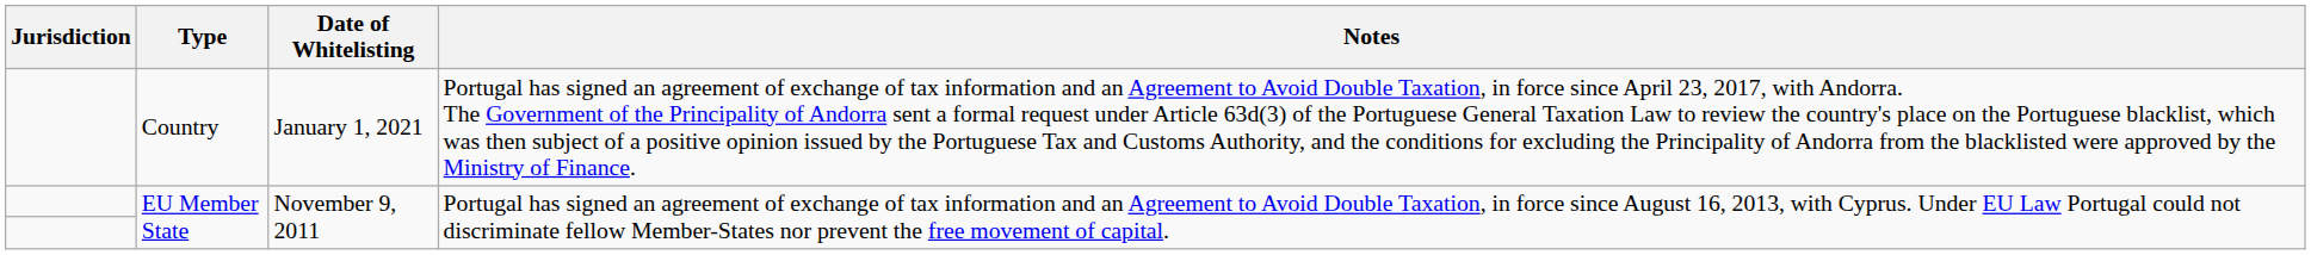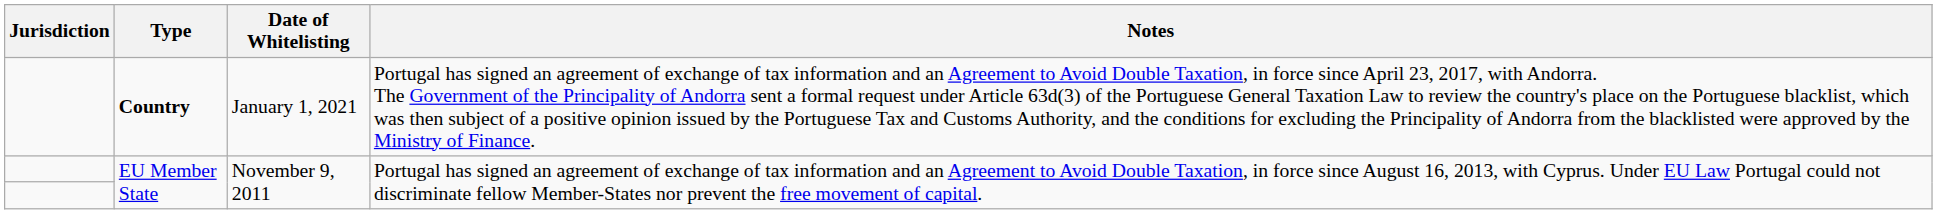 <table class="wikitable sortable">
 <tr>
 <th>Jurisdiction</th>
 <th>Type</th>
 <th>Date of Whitelisting</th>
 <th>Notes</th>
 </tr>
 <tr>
 <td></td>
-<td>Country</td>
+<td><strong>Country</strong></td>
 <td>January 1, 2021</td>
 <td>Portugal has signed an agreement of exchange of tax information and an <a href='#'>Agreement to Avoid Double Taxation</a>, in force since April 23, 2017, with Andorra.<br>The <a href='#'>Government of the Principality of Andorra</a> sent a formal request under Article 63d(3) of the Portuguese General Taxation Law to review the country's place on the Portuguese blacklist, which was then subject of a positive opinion issued by the Portuguese Tax and Customs Authority, and the conditions for excluding the Principality of Andorra from the blacklisted were approved by the <a href='#'>Ministry of Finance</a>.</td>
 </tr>
 <tr>
 <td></td>
 <td rowspan="2"><a href='#'>EU Member State</a></td>
 <td rowspan="2">November 9, 2011</td>
 <td rowspan="2">Portugal has signed an agreement of exchange of tax information and an <a href='#'>Agreement to Avoid Double Taxation</a>, in force since August 16, 2013, with Cyprus. Under <a href='#'>EU Law</a> Portugal could not discriminate fellow Member-States nor prevent the <a href='#'>free movement of capital</a>.</td>
 </tr>
 <tr>
 <td></td>
 </tr>
 </table>
